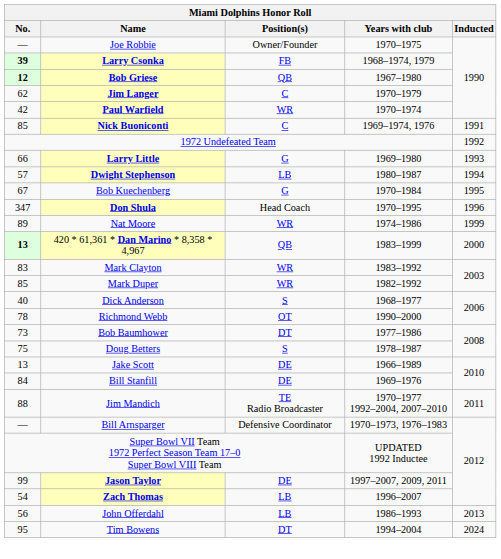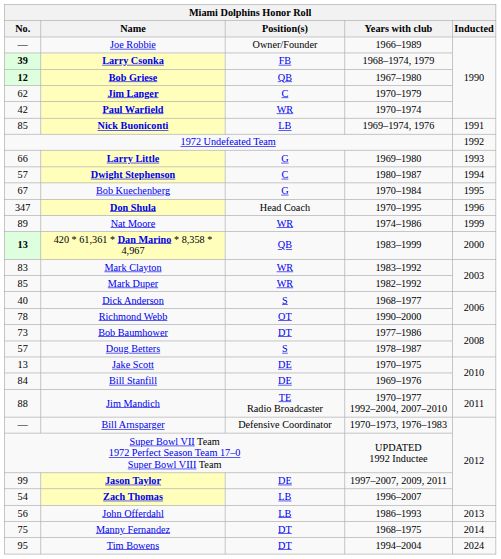 <table class="wikitable" style="text-align:center">
 <tr>
 <th colspan="5">Miami Dolphins Honor Roll</th>
 </tr>
 <tr>
 <th style="width:50px;">No.</th>
 <th style="width:280px;">Name</th>
 <th style="width:180px;">Position(s)</th>
 <th style="width:160px;">Years with club</th>
 <th style="width:50px;">Inducted</th>
 </tr>
 <tr>
 <td>—</td>
 <td><a href='#'>Joe Robbie</a></td>
 <td>Owner/Founder</td>
-<td>1970–1975</td>
+<td>1966–1989</td>
 <td rowspan="5">1990</td>
 </tr>
 <tr>
 <td style="background:#DDFFDD"><strong>39</strong></td>
 <td style="background:#ffb"><strong><a href='#'>Larry Csonka</a></strong></td>
 <td><a href='#'>FB</a></td>
 <td>1968–1974, 1979</td>
 </tr>
 <tr>
 <td style="background:#DDFFDD"><strong>12</strong></td>
 <td style="background:#ffb"><strong><a href='#'>Bob Griese</a></strong></td>
 <td><a href='#'>QB</a></td>
 <td>1967–1980</td>
 </tr>
 <tr>
 <td>62</td>
 <td style="background:#ffb"><strong><a href='#'>Jim Langer</a></strong></td>
 <td><a href='#'>C</a></td>
 <td>1970–1979</td>
 </tr>
 <tr>
 <td>42</td>
 <td style="background:#ffb"><strong><a href='#'>Paul Warfield</a></strong></td>
 <td><a href='#'>WR</a></td>
 <td>1970–1974</td>
 </tr>
 <tr>
 <td>85</td>
 <td style="background:#ffb"><strong><a href='#'>Nick Buoniconti</a></strong></td>
-<td><a href='#'>C</a></td>
+<td><a href='#'>LB</a></td>
 <td>1969–1974, 1976</td>
 <td>1991</td>
 </tr>
 <tr>
 <td colspan="4"><a href='#'>1972 Undefeated Team</a></td>
 <td>1992</td>
 </tr>
 <tr>
 <td>66</td>
 <td style="background:#ffb"><strong><a href='#'>Larry Little</a></strong></td>
 <td><a href='#'>G</a></td>
 <td>1969–1980</td>
 <td>1993</td>
 </tr>
 <tr>
 <td>57</td>
 <td style="background:#ffb"><strong><a href='#'>Dwight Stephenson</a></strong></td>
-<td><a href='#'>LB</a></td>
+<td><a href='#'>C</a></td>
 <td>1980–1987</td>
 <td>1994</td>
 </tr>
 <tr>
 <td>67</td>
 <td><a href='#'>Bob Kuechenberg</a></td>
 <td><a href='#'>G</a></td>
 <td>1970–1984</td>
 <td>1995</td>
 </tr>
 <tr>
 <td>347</td>
 <td style="background:#ffb"><strong><a href='#'>Don Shula</a></strong></td>
 <td>Head Coach</td>
 <td>1970–1995</td>
 <td>1996</td>
 </tr>
 <tr>
 <td>89</td>
 <td><a href='#'>Nat Moore</a></td>
 <td><a href='#'>WR</a></td>
 <td>1974–1986</td>
 <td>1999</td>
 </tr>
 <tr>
 <td style="background:#DDFFDD"><strong>13</strong></td>
 <td style="background:#ffb">420 * 61,361 * <strong><a href='#'>Dan Marino</a></strong> * 8,358 * 4,967</td>
 <td><a href='#'>QB</a></td>
 <td>1983–1999</td>
 <td>2000</td>
 </tr>
 <tr>
 <td>83</td>
 <td><a href='#'>Mark Clayton</a></td>
 <td><a href='#'>WR</a></td>
 <td>1983–1992</td>
 <td rowspan="2">2003</td>
 </tr>
 <tr>
 <td>85</td>
 <td><a href='#'>Mark Duper</a></td>
 <td><a href='#'>WR</a></td>
 <td>1982–1992</td>
 </tr>
 <tr>
 <td>40</td>
 <td><a href='#'>Dick Anderson</a></td>
 <td><a href='#'>S</a></td>
 <td>1968–1977</td>
 <td rowspan="2">2006</td>
 </tr>
 <tr>
 <td>78</td>
 <td><a href='#'>Richmond Webb</a></td>
 <td><a href='#'>OT</a></td>
 <td>1990–2000</td>
 </tr>
 <tr>
 <td>73</td>
 <td><a href='#'>Bob Baumhower</a></td>
 <td><a href='#'>DT</a></td>
 <td>1977–1986</td>
 <td rowspan="2">2008</td>
 </tr>
 <tr>
-<td>75</td>
+<td>57</td>
 <td><a href='#'>Doug Betters</a></td>
 <td><a href='#'>S</a></td>
 <td>1978–1987</td>
 </tr>
 <tr>
 <td>13</td>
 <td><a href='#'>Jake Scott</a></td>
 <td><a href='#'>DE</a></td>
-<td>1966–1989</td>
+<td>1970–1975</td>
 <td rowspan="2">2010</td>
 </tr>
 <tr>
 <td>84</td>
 <td><a href='#'>Bill Stanfill</a></td>
 <td><a href='#'>DE</a></td>
 <td>1969–1976</td>
 </tr>
 <tr>
 <td>88</td>
 <td><a href='#'>Jim Mandich</a></td>
 <td><a href='#'>TE</a><br>Radio Broadcaster</td>
 <td>1970–1977<br>1992–2004, 2007–2010</td>
 <td>2011</td>
 </tr>
 <tr>
 <td>—</td>
 <td><a href='#'>Bill Arnsparger</a></td>
 <td>Defensive Coordinator</td>
 <td>1970–1973, 1976–1983</td>
 <td rowspan="4">2012</td>
 </tr>
 <tr>
 <td colspan="3"><a href='#'>Super Bowl VII</a> Team<br><a href='#'>1972 Perfect Season Team 17–0</a><br><a href='#'>Super Bowl VIII</a> Team</td>
 <td>UPDATED<br>1992 Inductee</td>
 </tr>
 <tr>
 <td>99</td>
 <td style="background:#ffb"><strong><a href='#'>Jason Taylor</a></strong></td>
 <td><a href='#'>DE</a></td>
 <td>1997–2007, 2009, 2011</td>
 </tr>
 <tr>
 <td>54</td>
 <td style="background:#ffb"><strong><a href='#'>Zach Thomas</a></strong></td>
 <td><a href='#'>LB</a></td>
 <td>1996–2007</td>
 </tr>
 <tr>
 <td>56</td>
 <td><a href='#'>John Offerdahl</a></td>
 <td><a href='#'>LB</a></td>
 <td>1986–1993</td>
 <td>2013</td>
 </tr>
 <tr>
+<td>75</td>
+<td><a href='#'>Manny Fernandez</a></td>
+<td><a href='#'>DT</a></td>
+<td>1968–1975</td>
+<td>2014</td>
+</tr>
+<tr>
 <td>95</td>
 <td><a href='#'>Tim Bowens</a></td>
 <td><a href='#'>DT</a></td>
 <td>1994–2004</td>
 <td>2024</td>
 </tr>
 </table>
